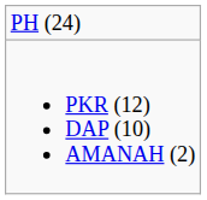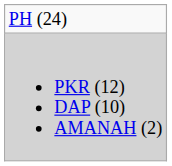 <table class="wikitable mw-collapsible mw-collapsed">
 <tr>
 <td> <a href='#'>PH</a> (24)</td>
 </tr>
 <tr>
-<td><br><ul><li> <a href='#'>PKR</a> (12)</li><li> <a href='#'>DAP</a> (10)</li><li> <a href='#'>AMANAH</a> (2)</li></ul></td>
+<td style="background: lightgrey;"><br><ul><li> <a href='#'>PKR</a> (12)</li><li> <a href='#'>DAP</a> (10)</li><li> <a href='#'>AMANAH</a> (2)</li></ul></td>
 </tr>
 </table>
